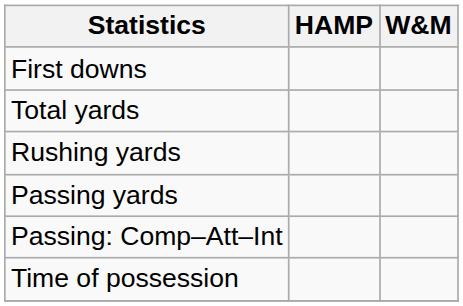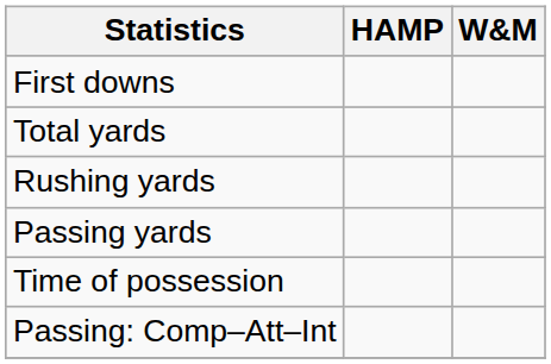 <table class="wikitable" style="float: left;">
 <tr>
 <th>Statistics</th>
 <th>HAMP</th>
 <th>W&M</th>
 </tr>
 <tr>
 <td>First downs</td>
 <td></td>
 <td></td>
 </tr>
 <tr>
 <td>Total yards</td>
 <td></td>
 <td></td>
 </tr>
 <tr>
 <td>Rushing yards</td>
 <td></td>
 <td></td>
 </tr>
 <tr>
 <td>Passing yards</td>
 <td></td>
 <td></td>
 </tr>
 <tr>
-<td>Passing: Comp–Att–Int</td>
+<td>Time of possession</td>
 <td></td>
 <td></td>
 </tr>
 <tr>
-<td>Time of possession</td>
+<td>Passing: Comp–Att–Int</td>
 <td></td>
 <td></td>
 </tr>
 <tr>
 </tr>
 </table>
